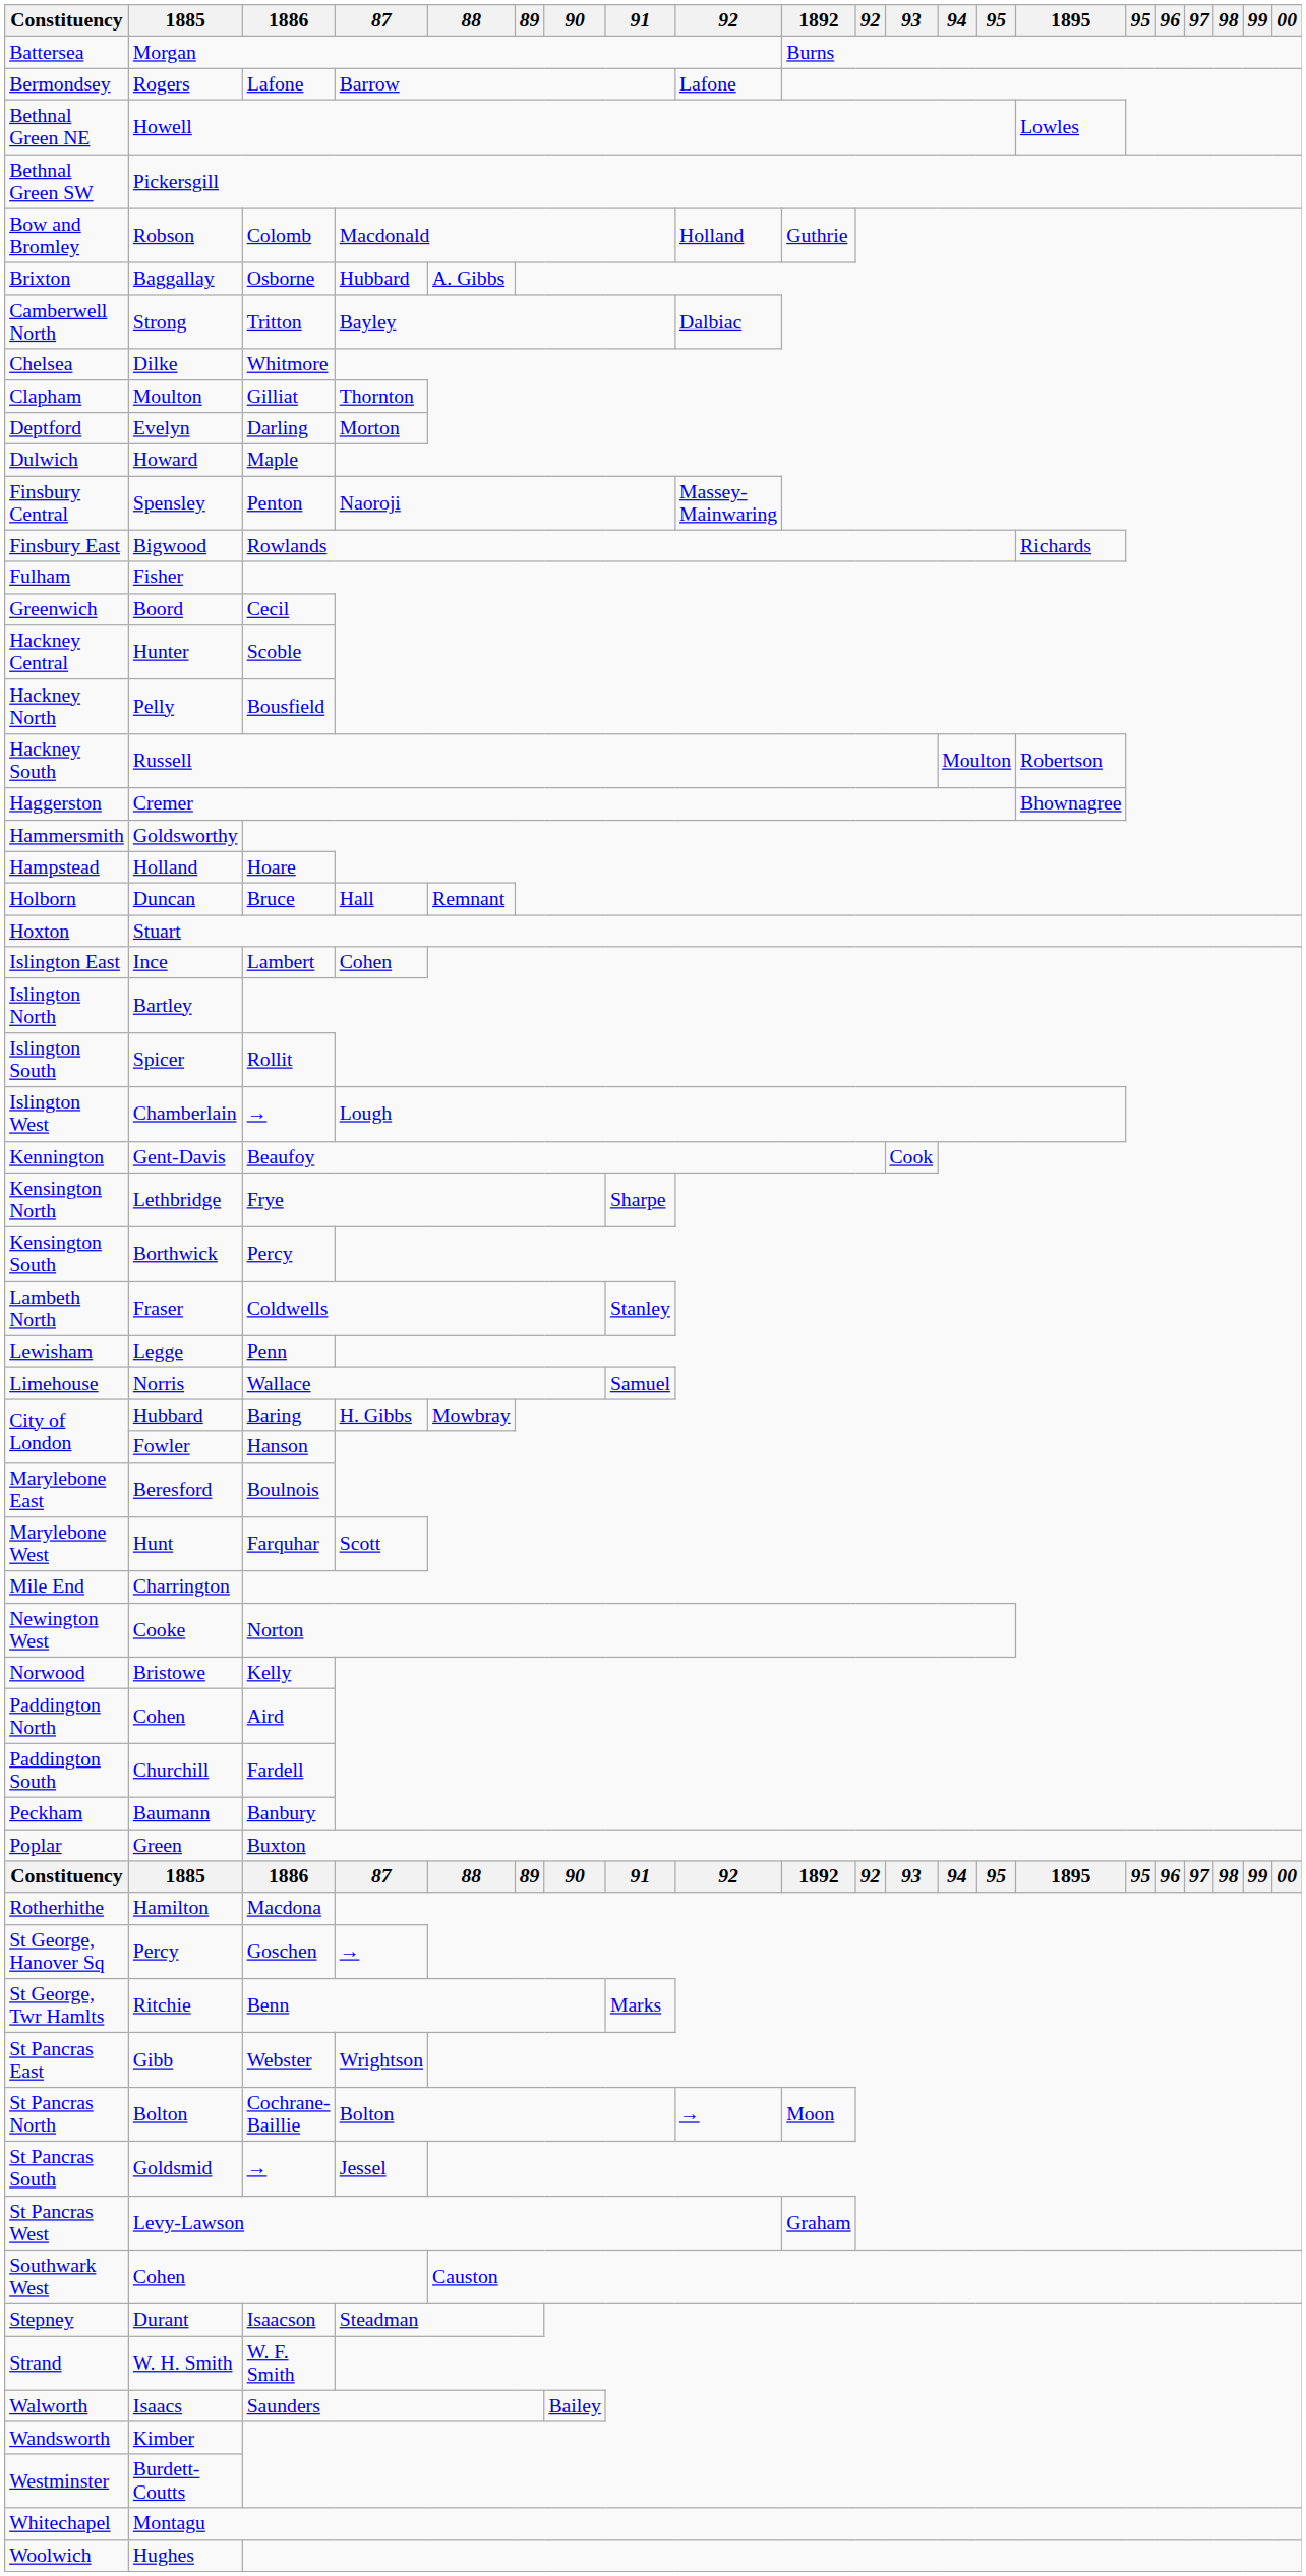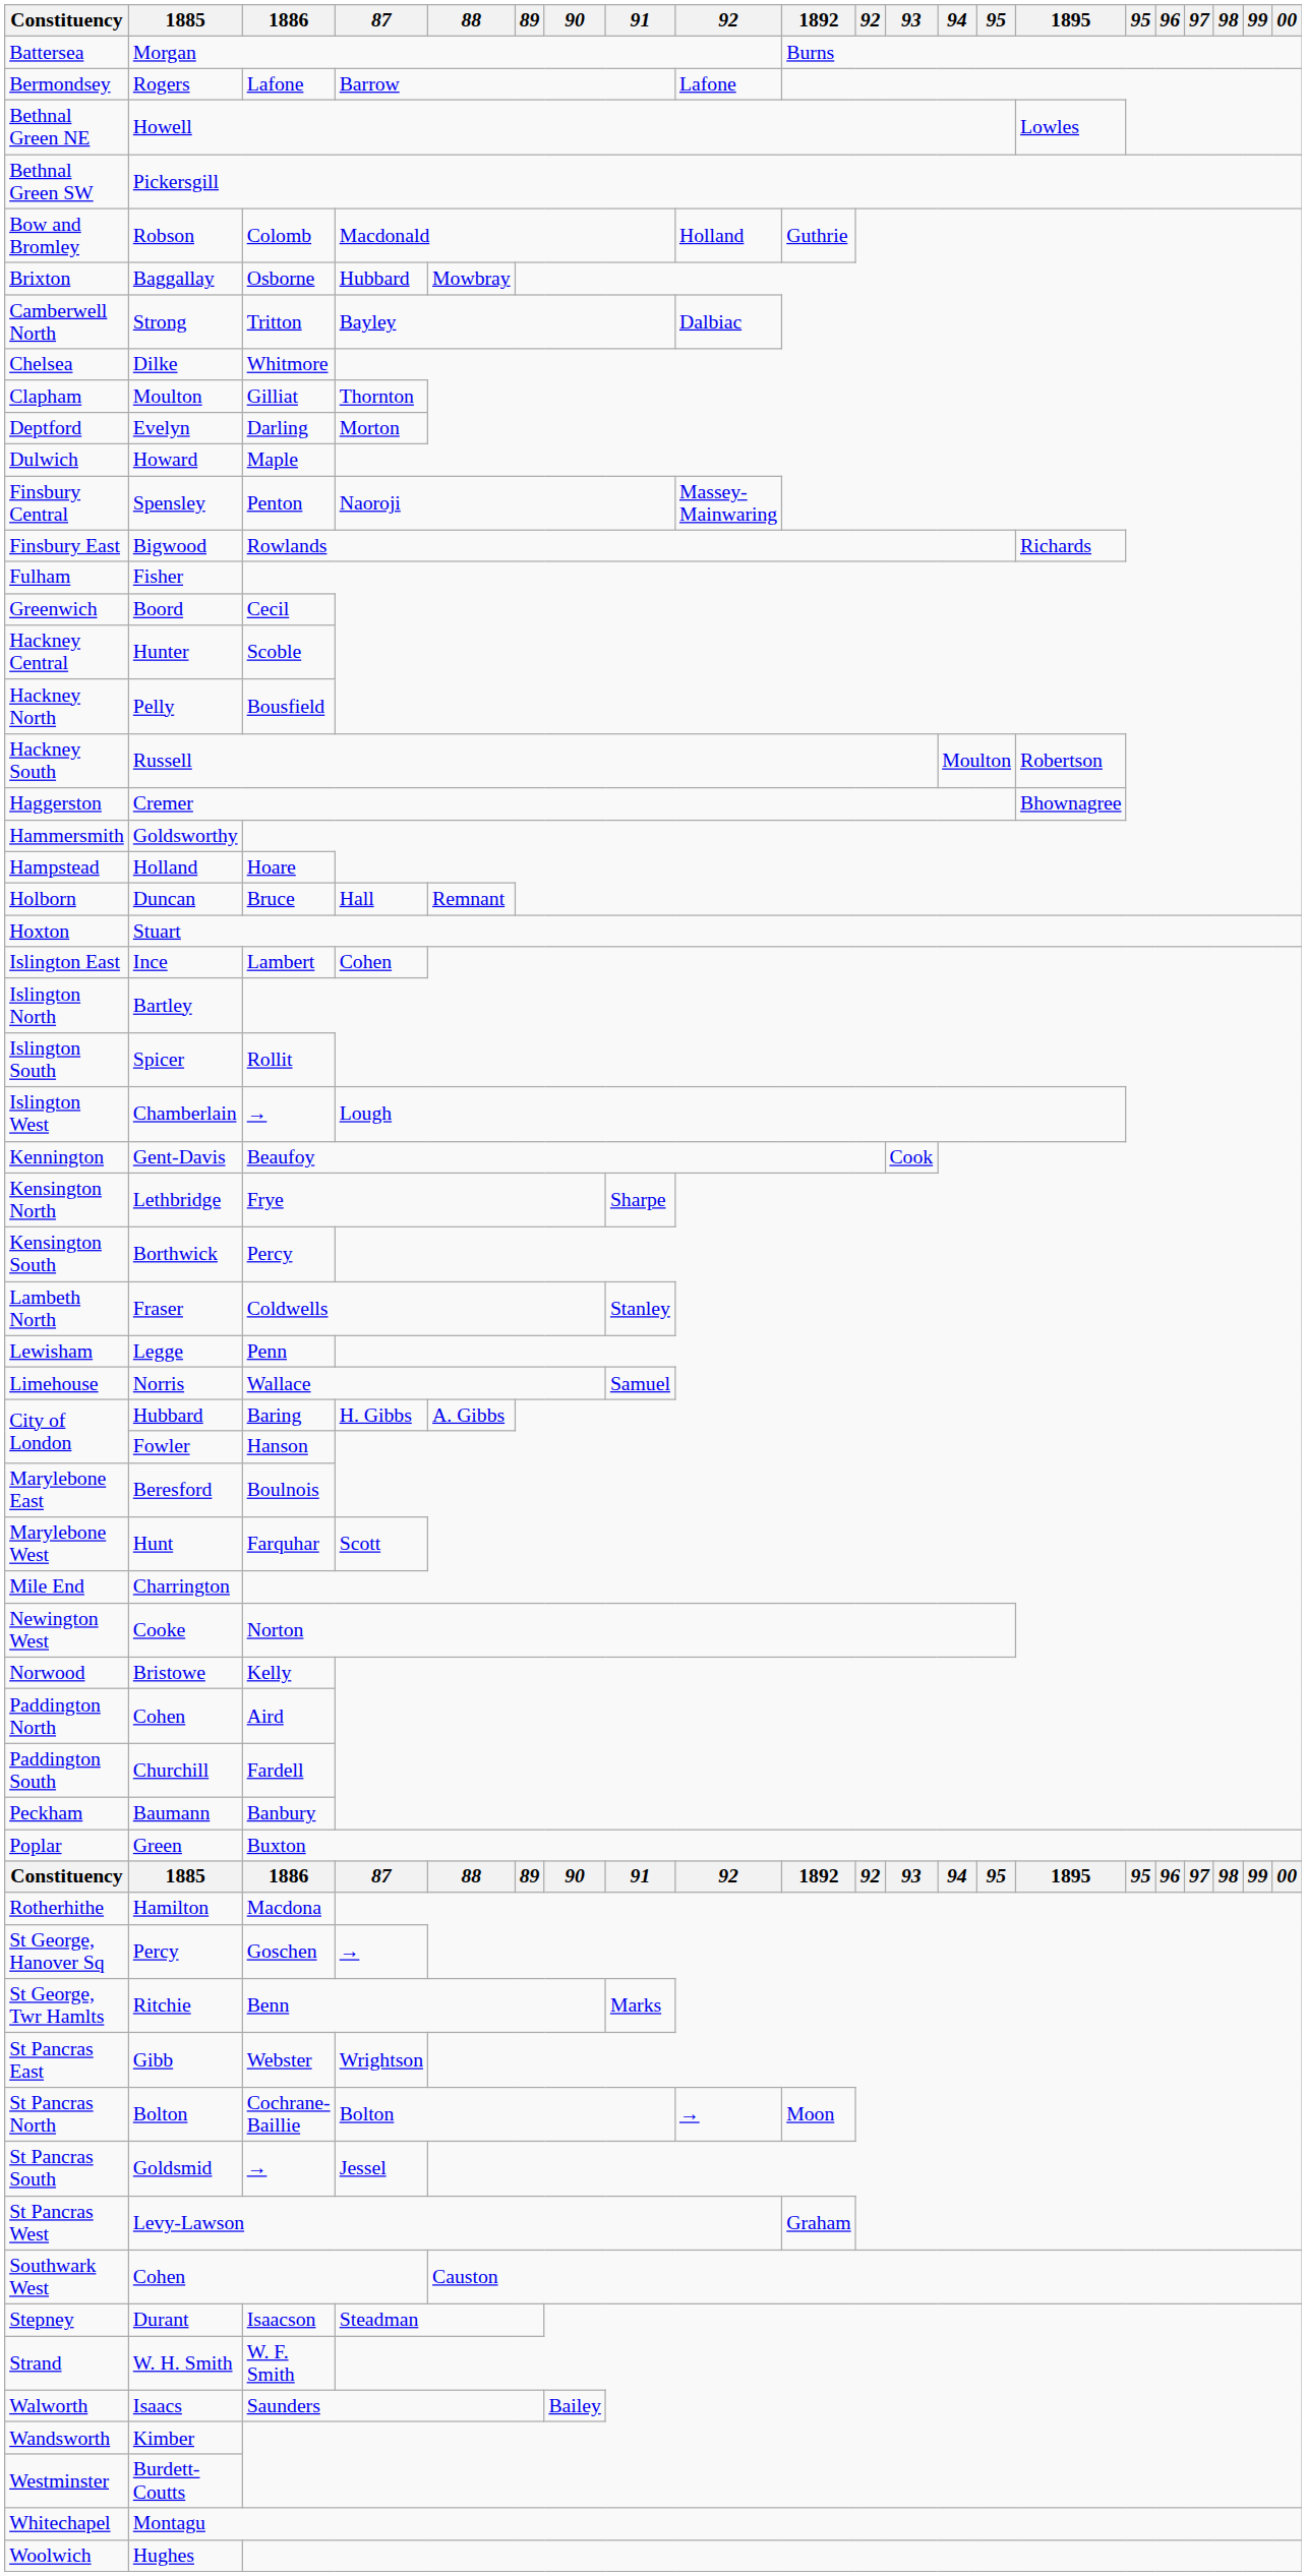 <table class="wikitable">
 <tr>
 <th>Constituency</th>
 <th>1885</th>
 <th>1886</th>
 <th><em>87</em></th>
 <th><em>88</em></th>
 <th><em>89</em></th>
 <th><em>90</em></th>
 <th><em>91</em></th>
 <th><em>92</em></th>
 <th>1892</th>
 <th><em>92</em></th>
 <th><em>93</em></th>
 <th><em>94</em></th>
 <th><em>95</em></th>
 <th>1895</th>
 <th><em>95</em></th>
 <th><em>96</em></th>
 <th><em>97</em></th>
 <th><em>98</em></th>
 <th><em>99</em></th>
 <th><em>00</em></th>
 </tr>
 <tr>
 <td><a href='#'>Battersea</a></td>
 <td colspan="8"><a href='#'>Morgan</a></td>
 <td colspan="12"><a href='#'>Burns</a></td>
 </tr>
 <tr>
 <td><a href='#'>Bermondsey</a></td>
 <td><a href='#'>Rogers</a></td>
 <td><a href='#'>Lafone</a></td>
 <td colspan="5"><a href='#'>Barrow</a></td>
 <td><a href='#'>Lafone</a></td>
 </tr>
 <tr>
 <td><a href='#'>Bethnal Green NE</a></td>
 <td colspan="13"><a href='#'>Howell</a></td>
 <td><a href='#'>Lowles</a></td>
 </tr>
 <tr>
 <td><a href='#'>Bethnal Green SW</a></td>
 <td colspan="20"><a href='#'>Pickersgill</a></td>
 </tr>
 <tr>
 <td><a href='#'>Bow and Bromley</a></td>
 <td><a href='#'>Robson</a></td>
 <td><a href='#'>Colomb</a></td>
 <td colspan="5"><a href='#'>Macdonald</a></td>
 <td><a href='#'>Holland</a></td>
 <td><a href='#'>Guthrie</a></td>
 </tr>
 <tr>
 <td><a href='#'>Brixton</a></td>
 <td><a href='#'>Baggallay</a></td>
 <td><a href='#'>Osborne</a></td>
 <td><a href='#'>Hubbard</a></td>
-<td><a href='#'>A. Gibbs</a></td>
+<td><a href='#'>Mowbray</a></td>
 </tr>
 <tr>
 <td><a href='#'>Camberwell North</a></td>
 <td><a href='#'>Strong</a></td>
 <td><a href='#'>Tritton</a></td>
 <td colspan="5"><a href='#'>Bayley</a></td>
 <td><a href='#'>Dalbiac</a></td>
 </tr>
 <tr>
 <td><a href='#'>Chelsea</a></td>
 <td><a href='#'>Dilke</a></td>
 <td><a href='#'>Whitmore</a></td>
 </tr>
 <tr>
 <td><a href='#'>Clapham</a></td>
 <td><a href='#'>Moulton</a></td>
 <td><a href='#'>Gilliat</a></td>
 <td><a href='#'>Thornton</a></td>
 </tr>
 <tr>
 <td><a href='#'>Deptford</a></td>
 <td><a href='#'>Evelyn</a></td>
 <td><a href='#'>Darling</a></td>
 <td><a href='#'>Morton</a></td>
 </tr>
 <tr>
 <td><a href='#'>Dulwich</a></td>
 <td><a href='#'>Howard</a></td>
 <td><a href='#'>Maple</a></td>
 </tr>
 <tr>
 <td><a href='#'>Finsbury Central</a></td>
 <td><a href='#'>Spensley</a></td>
 <td><a href='#'>Penton</a></td>
 <td colspan="5"><a href='#'>Naoroji</a></td>
 <td><a href='#'>Massey-Mainwaring</a></td>
 </tr>
 <tr>
 <td><a href='#'>Finsbury East</a></td>
 <td><a href='#'>Bigwood</a></td>
 <td colspan="12"><a href='#'>Rowlands</a></td>
 <td><a href='#'>Richards</a></td>
 </tr>
 <tr>
 <td><a href='#'>Fulham</a></td>
 <td><a href='#'>Fisher</a></td>
 </tr>
 <tr>
 <td><a href='#'>Greenwich</a></td>
 <td><a href='#'>Boord</a></td>
 <td><a href='#'>Cecil</a></td>
 </tr>
 <tr>
 <td><a href='#'>Hackney Central</a></td>
 <td><a href='#'>Hunter</a></td>
 <td><a href='#'>Scoble</a></td>
 </tr>
 <tr>
 <td><a href='#'>Hackney North</a></td>
 <td><a href='#'>Pelly</a></td>
 <td><a href='#'>Bousfield</a></td>
 </tr>
 <tr>
 <td><a href='#'>Hackney South</a></td>
 <td colspan="11"><a href='#'>Russell</a></td>
 <td colspan="2"><a href='#'>Moulton</a></td>
 <td><a href='#'>Robertson</a></td>
 </tr>
 <tr>
 <td><a href='#'>Haggerston</a></td>
 <td colspan="13"><a href='#'>Cremer</a></td>
 <td><a href='#'>Bhownagree</a></td>
 </tr>
 <tr>
 <td><a href='#'>Hammersmith</a></td>
 <td><a href='#'>Goldsworthy</a></td>
 </tr>
 <tr>
 <td><a href='#'>Hampstead</a></td>
 <td><a href='#'>Holland</a></td>
 <td><a href='#'>Hoare</a></td>
 </tr>
 <tr>
 <td><a href='#'>Holborn</a></td>
 <td><a href='#'>Duncan</a></td>
 <td><a href='#'>Bruce</a></td>
 <td><a href='#'>Hall</a></td>
 <td><a href='#'>Remnant</a></td>
 </tr>
 <tr>
 <td><a href='#'>Hoxton</a></td>
 <td colspan="20"><a href='#'>Stuart</a></td>
 </tr>
 <tr>
 <td><a href='#'>Islington East</a></td>
 <td><a href='#'>Ince</a></td>
 <td><a href='#'>Lambert</a></td>
 <td><a href='#'>Cohen</a></td>
 </tr>
 <tr>
 <td><a href='#'>Islington North</a></td>
 <td><a href='#'>Bartley</a></td>
 </tr>
 <tr>
 <td><a href='#'>Islington South</a></td>
 <td><a href='#'>Spicer</a></td>
 <td><a href='#'>Rollit</a></td>
 </tr>
 <tr>
 <td><a href='#'>Islington West</a></td>
 <td><a href='#'>Chamberlain</a></td>
 <td><a href='#'>→</a></td>
 <td colspan="12"><a href='#'>Lough</a></td>
 </tr>
 <tr>
 <td><a href='#'>Kennington</a></td>
 <td><a href='#'>Gent-Davis</a></td>
 <td colspan="9"><a href='#'>Beaufoy</a></td>
 <td><a href='#'>Cook</a></td>
 </tr>
 <tr>
 <td><a href='#'>Kensington North</a></td>
 <td><a href='#'>Lethbridge</a></td>
 <td colspan="5"><a href='#'>Frye</a></td>
 <td><a href='#'>Sharpe</a></td>
 </tr>
 <tr>
 <td><a href='#'>Kensington South</a></td>
 <td><a href='#'>Borthwick</a></td>
 <td><a href='#'>Percy</a></td>
 </tr>
 <tr>
 <td><a href='#'>Lambeth North</a></td>
 <td><a href='#'>Fraser</a></td>
 <td colspan="5"><a href='#'>Coldwells</a></td>
 <td><a href='#'>Stanley</a></td>
 </tr>
 <tr>
 <td><a href='#'>Lewisham</a></td>
 <td><a href='#'>Legge</a></td>
 <td><a href='#'>Penn</a></td>
 </tr>
 <tr>
 <td><a href='#'>Limehouse</a></td>
 <td><a href='#'>Norris</a></td>
 <td colspan="5"><a href='#'>Wallace</a></td>
 <td><a href='#'>Samuel</a></td>
 </tr>
 <tr>
 <td rowspan="2"><a href='#'>City of London</a></td>
 <td><a href='#'>Hubbard</a></td>
 <td><a href='#'>Baring</a></td>
 <td><a href='#'>H. Gibbs</a></td>
-<td><a href='#'>Mowbray</a></td>
+<td><a href='#'>A. Gibbs</a></td>
 </tr>
 <tr>
 <td><a href='#'>Fowler</a></td>
 <td><a href='#'>Hanson</a></td>
 </tr>
 <tr>
 <td><a href='#'>Marylebone East</a></td>
 <td><a href='#'>Beresford</a></td>
 <td><a href='#'>Boulnois</a></td>
 </tr>
 <tr>
 <td><a href='#'>Marylebone West</a></td>
 <td><a href='#'>Hunt</a></td>
 <td><a href='#'>Farquhar</a></td>
 <td><a href='#'>Scott</a></td>
 </tr>
 <tr>
 <td><a href='#'>Mile End</a></td>
 <td><a href='#'>Charrington</a></td>
 </tr>
 <tr>
 <td><a href='#'>Newington West</a></td>
 <td><a href='#'>Cooke</a></td>
 <td colspan="12"><a href='#'>Norton</a></td>
 </tr>
 <tr>
 <td><a href='#'>Norwood</a></td>
 <td><a href='#'>Bristowe</a></td>
 <td><a href='#'>Kelly</a></td>
 </tr>
 <tr>
 <td><a href='#'>Paddington North</a></td>
 <td><a href='#'>Cohen</a></td>
 <td><a href='#'>Aird</a></td>
 </tr>
 <tr>
 <td><a href='#'>Paddington South</a></td>
 <td><a href='#'>Churchill</a></td>
 <td><a href='#'>Fardell</a></td>
 </tr>
 <tr>
 <td><a href='#'>Peckham</a></td>
 <td><a href='#'>Baumann</a></td>
 <td><a href='#'>Banbury</a></td>
 </tr>
 <tr>
 <td><a href='#'>Poplar</a></td>
 <td><a href='#'>Green</a></td>
 <td colspan="19"><a href='#'>Buxton</a></td>
 </tr>
 <tr>
 <th>Constituency</th>
 <th>1885</th>
 <th>1886</th>
 <th><em>87</em></th>
 <th><em>88</em></th>
 <th><em>89</em></th>
 <th><em>90</em></th>
 <th><em>91</em></th>
 <th><em>92</em></th>
 <th>1892</th>
 <th><em>92</em></th>
 <th><em>93</em></th>
 <th><em>94</em></th>
 <th><em>95</em></th>
 <th>1895</th>
 <th><em>95</em></th>
 <th><em>96</em></th>
 <th><em>97</em></th>
 <th><em>98</em></th>
 <th><em>99</em></th>
 <th><em>00</em></th>
 </tr>
 <tr>
 <td><a href='#'>Rotherhithe</a></td>
 <td><a href='#'>Hamilton</a></td>
 <td><a href='#'>Macdona</a></td>
 </tr>
 <tr>
 <td><a href='#'>St George, Hanover Sq</a></td>
 <td><a href='#'>Percy</a></td>
 <td><a href='#'>Goschen</a></td>
 <td><a href='#'>→</a></td>
 </tr>
 <tr>
 <td><a href='#'>St George, Twr Hamlts</a></td>
 <td><a href='#'>Ritchie</a></td>
 <td colspan="5"><a href='#'>Benn</a></td>
 <td><a href='#'>Marks</a></td>
 </tr>
 <tr>
 <td><a href='#'>St Pancras East</a></td>
 <td><a href='#'>Gibb</a></td>
 <td><a href='#'>Webster</a></td>
 <td><a href='#'>Wrightson</a></td>
 </tr>
 <tr>
 <td><a href='#'>St Pancras North</a></td>
 <td><a href='#'>Bolton</a></td>
 <td><a href='#'>Cochrane-Baillie</a></td>
 <td colspan="5"><a href='#'>Bolton</a></td>
 <td><a href='#'>→</a></td>
 <td><a href='#'>Moon</a></td>
 </tr>
 <tr>
 <td><a href='#'>St Pancras South</a></td>
 <td><a href='#'>Goldsmid</a></td>
 <td><a href='#'>→</a></td>
 <td><a href='#'>Jessel</a></td>
 </tr>
 <tr>
 <td><a href='#'>St Pancras West</a></td>
 <td colspan="8"><a href='#'>Levy-Lawson</a></td>
 <td><a href='#'>Graham</a></td>
 </tr>
 <tr>
 <td><a href='#'>Southwark West</a></td>
 <td colspan="3"><a href='#'>Cohen</a></td>
 <td colspan="17"><a href='#'>Causton</a></td>
 </tr>
 <tr>
 <td><a href='#'>Stepney</a></td>
 <td><a href='#'>Durant</a></td>
 <td><a href='#'>Isaacson</a></td>
 <td colspan="3"><a href='#'>Steadman</a></td>
 </tr>
 <tr>
 <td><a href='#'>Strand</a></td>
 <td><a href='#'>W. H. Smith</a></td>
 <td><a href='#'>W. F. Smith</a></td>
 </tr>
 <tr>
 <td><a href='#'>Walworth</a></td>
 <td><a href='#'>Isaacs</a></td>
 <td colspan="4"><a href='#'>Saunders</a></td>
 <td><a href='#'>Bailey</a></td>
 </tr>
 <tr>
 <td><a href='#'>Wandsworth</a></td>
 <td><a href='#'>Kimber</a></td>
 </tr>
 <tr>
 <td><a href='#'>Westminster</a></td>
 <td><a href='#'>Burdett-Coutts</a></td>
 </tr>
 <tr>
 <td><a href='#'>Whitechapel</a></td>
 <td colspan="20"><a href='#'>Montagu</a></td>
 </tr>
 <tr>
 <td><a href='#'>Woolwich</a></td>
 <td><a href='#'>Hughes</a></td>
 </tr>
 </table>
